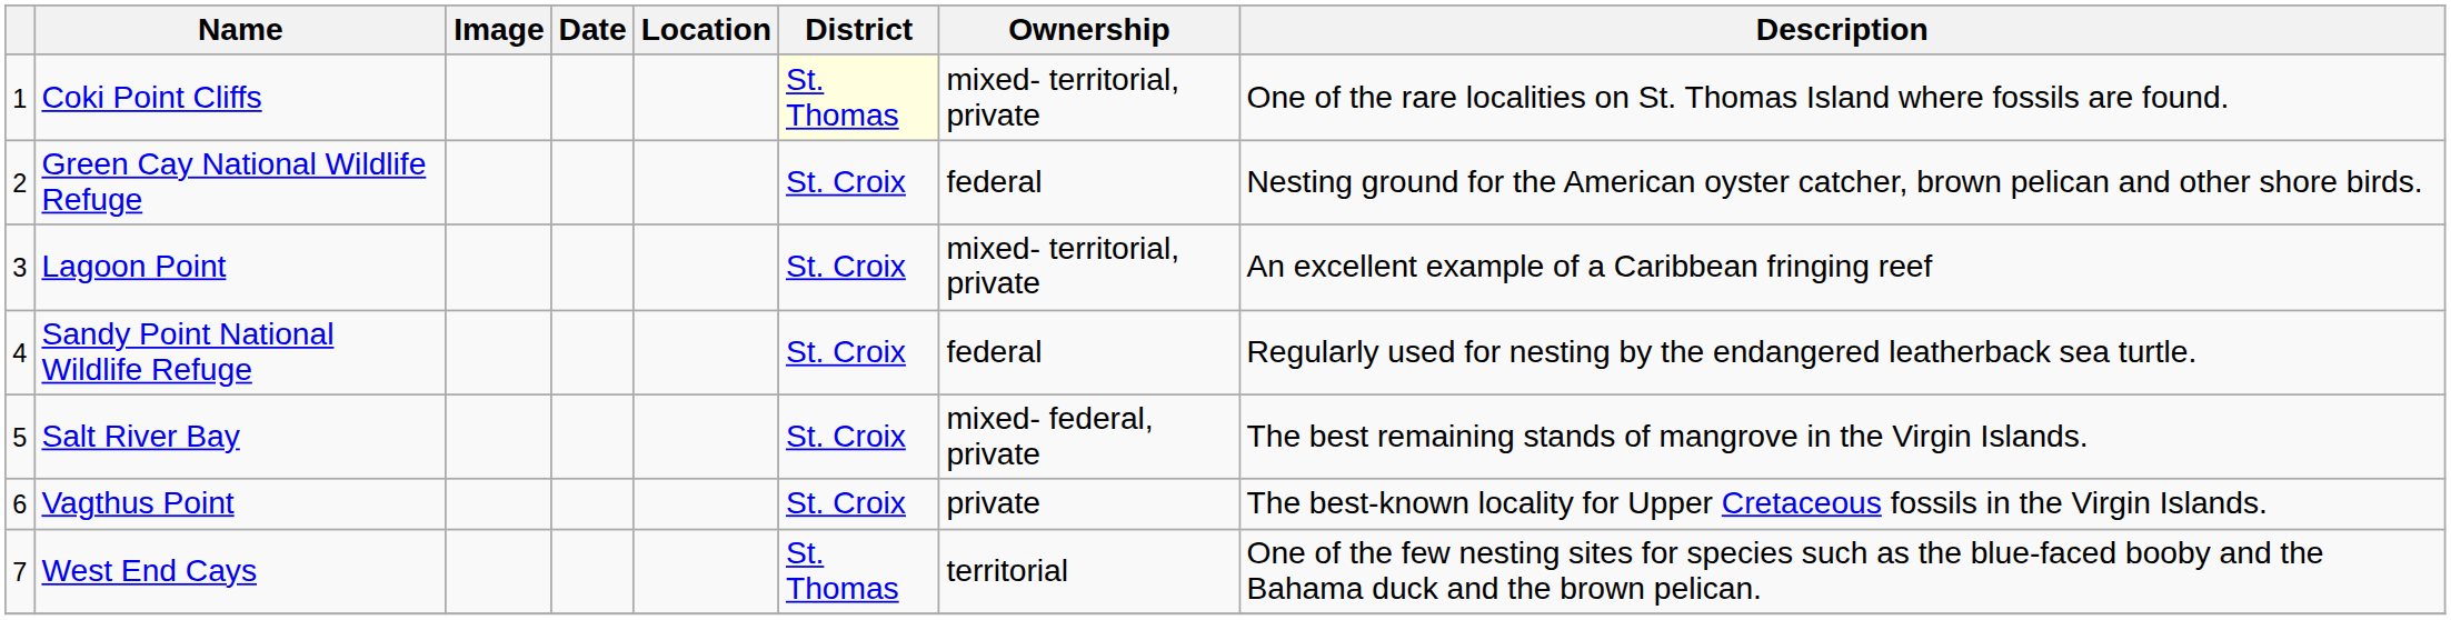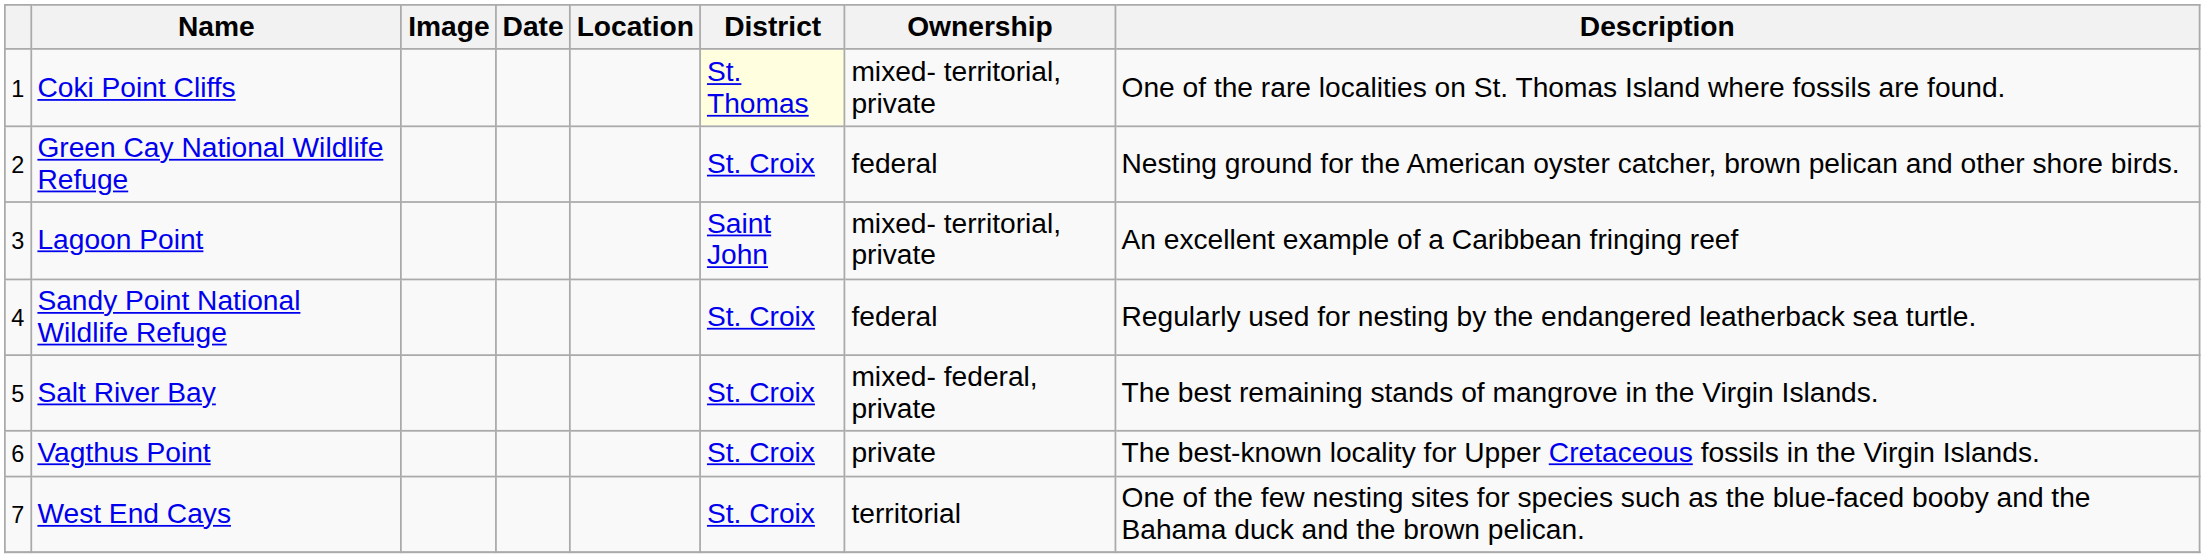 <table class="wikitable sortable" align="center">
 <tr>
 <th style="background-color:"></th>
 <th style="background-color:">Name</th>
 <th style="background-color:">Image</th>
 <th style="background-color:">Date</th>
 <th style="background-color:">Location</th>
 <th style="background-color:">District</th>
 <th style="background-color:">Ownership</th>
 <th style="background-color:">Description</th>
 </tr>
 <tr>
 <td><small>1</small></td>
 <td><a href='#'>Coki Point Cliffs</a></td>
 <td></td>
 <td></td>
 <td></td>
 <td style="background: lightyellow;"><a href='#'>St. Thomas</a></td>
 <td>mixed- territorial, private</td>
 <td>One of the rare localities on St. Thomas Island where fossils are found.</td>
 </tr>
 <tr>
 <td><small>2</small></td>
 <td><a href='#'>Green Cay National Wildlife Refuge</a></td>
 <td></td>
 <td></td>
 <td></td>
 <td><a href='#'>St. Croix</a></td>
 <td>federal</td>
 <td>Nesting ground for the American oyster catcher, brown pelican and other shore birds.</td>
 </tr>
 <tr>
 <td><small>3</small></td>
 <td><a href='#'>Lagoon Point</a></td>
 <td></td>
 <td></td>
 <td></td>
-<td><a href='#'>St. Croix</a></td>
+<td><a href='#'>Saint John</a></td>
 <td>mixed- territorial, private</td>
 <td>An excellent example of a Caribbean fringing reef</td>
 </tr>
 <tr>
 <td><small>4</small></td>
 <td><a href='#'>Sandy Point National Wildlife Refuge</a></td>
 <td></td>
 <td></td>
 <td></td>
 <td><a href='#'>St. Croix</a></td>
 <td>federal</td>
 <td>Regularly used for nesting by the endangered leatherback sea turtle.</td>
 </tr>
 <tr>
 <td><small>5</small></td>
 <td><a href='#'>Salt River Bay</a></td>
 <td></td>
 <td></td>
 <td></td>
 <td><a href='#'>St. Croix</a></td>
 <td>mixed- federal, private</td>
 <td>The best remaining stands of mangrove in the Virgin Islands.</td>
 </tr>
 <tr>
 <td><small>6</small></td>
 <td><a href='#'>Vagthus Point</a></td>
 <td></td>
 <td></td>
 <td></td>
 <td><a href='#'>St. Croix</a></td>
 <td>private</td>
 <td>The best-known locality for Upper <a href='#'>Cretaceous</a> fossils in the Virgin Islands.</td>
 </tr>
 <tr>
 <td><small>7</small></td>
 <td><a href='#'>West End Cays</a></td>
 <td></td>
 <td></td>
 <td></td>
-<td><a href='#'>St. Thomas</a></td>
+<td><a href='#'>St. Croix</a></td>
 <td>territorial</td>
 <td>One of the few nesting sites for species such as the blue-faced booby and the Bahama duck and the brown pelican.</td>
 </tr>
 <tr>
 </tr>
 </table>
